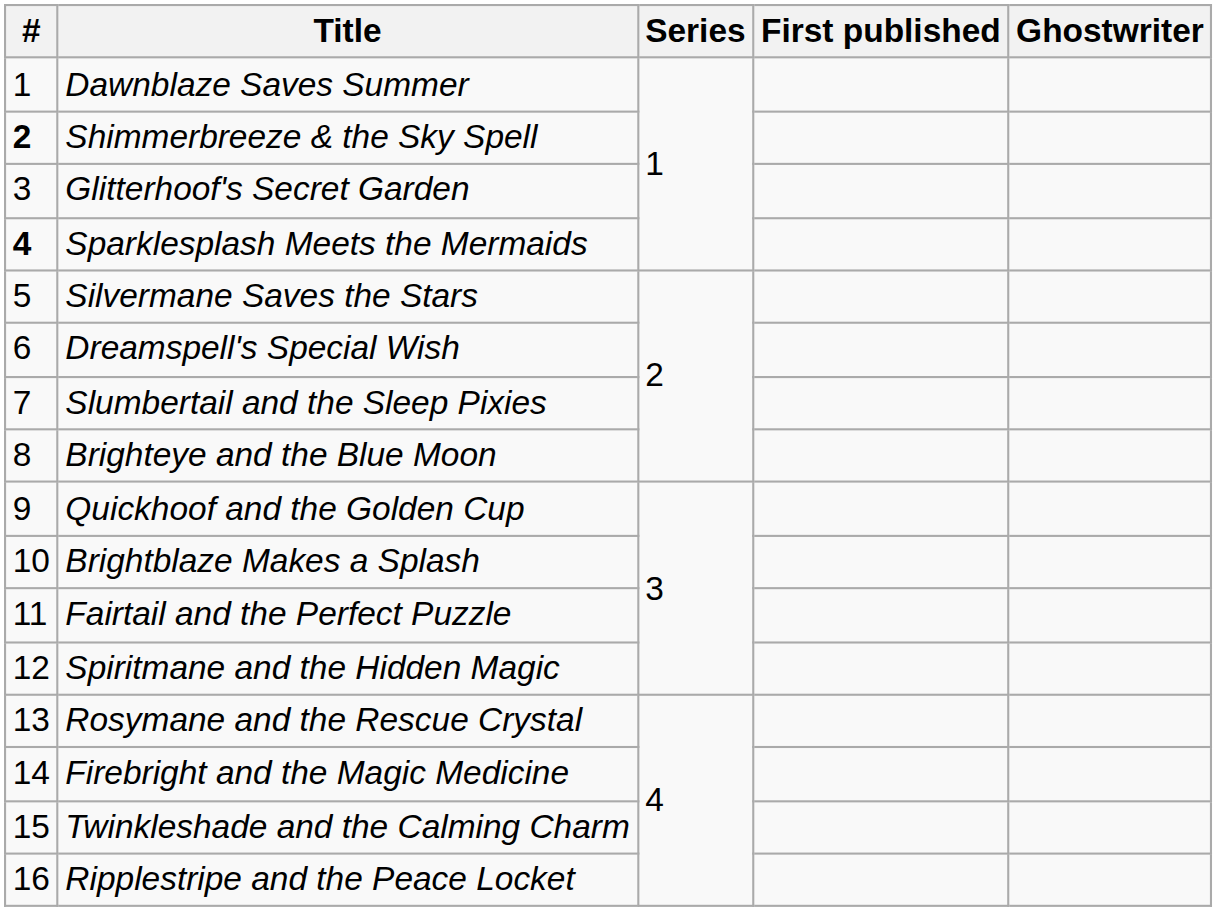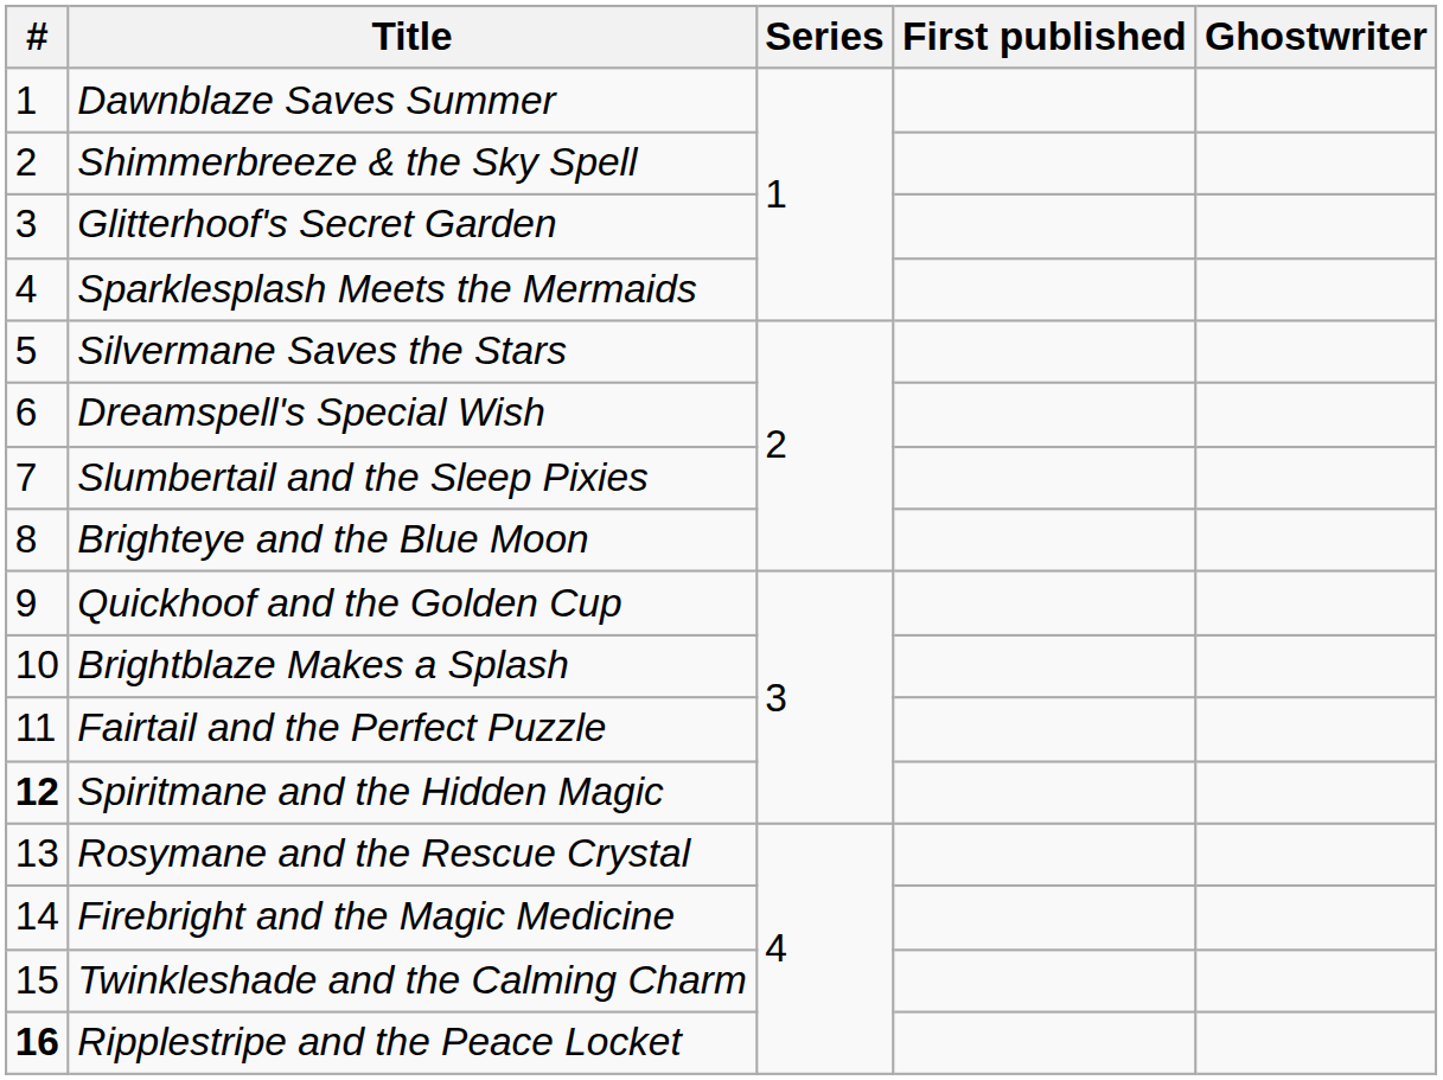 <table class="wikitable sortable nowraplinks">
 <tr>
 <th scope="col">#</th>
 <th scope="col">Title</th>
 <th scope="col">Series</th>
 <th scope="col">First published</th>
 <th scope="col">Ghostwriter</th>
 </tr>
 <tr>
 <td bgcolor=>1</td>
 <td><em>Dawnblaze Saves Summer</em></td>
 <td rowspan=4>1</td>
 <td></td>
 <td></td>
 </tr>
 <tr>
-<td bgcolor=><strong>2</strong></td>
+<td bgcolor=>2</td>
 <td><em>Shimmerbreeze & the Sky Spell</em></td>
 <td></td>
 <td></td>
 </tr>
 <tr>
 <td bgcolor=>3</td>
 <td><em>Glitterhoof's Secret Garden</em></td>
 <td></td>
 <td></td>
 </tr>
 <tr>
-<td bgcolor=><strong>4</strong></td>
+<td bgcolor=>4</td>
 <td><em>Sparklesplash Meets the Mermaids</em></td>
 <td></td>
 <td></td>
 </tr>
 <tr>
 <td bgcolor=>5</td>
 <td><em>Silvermane Saves the Stars</em></td>
 <td rowspan=4>2</td>
 <td></td>
 <td></td>
 </tr>
 <tr>
 <td bgcolor=>6</td>
 <td><em>Dreamspell's Special Wish</em></td>
 <td></td>
 <td></td>
 </tr>
 <tr>
 <td bgcolor=>7</td>
 <td><em>Slumbertail and the Sleep Pixies</em></td>
 <td></td>
 <td></td>
 </tr>
 <tr>
 <td bgcolor=>8</td>
 <td><em>Brighteye and the Blue Moon</em></td>
 <td></td>
 <td></td>
 </tr>
 <tr>
 <td bgcolor=>9</td>
 <td><em>Quickhoof and the Golden Cup</em></td>
 <td rowspan=4>3</td>
 <td></td>
 <td></td>
 </tr>
 <tr>
 <td bgcolor=>10</td>
 <td><em>Brightblaze Makes a Splash</em></td>
 <td></td>
 <td></td>
 </tr>
 <tr>
 <td bgcolor=>11</td>
 <td><em>Fairtail and the Perfect Puzzle</em></td>
 <td></td>
 <td></td>
 </tr>
 <tr>
-<td bgcolor=>12</td>
+<td bgcolor=><strong>12</strong></td>
 <td><em>Spiritmane and the Hidden Magic</em></td>
 <td></td>
 <td></td>
 </tr>
 <tr>
 <td bgcolor=>13</td>
 <td><em>Rosymane and the Rescue Crystal</em></td>
 <td rowspan=4>4</td>
 <td></td>
 <td></td>
 </tr>
 <tr>
 <td bgcolor=>14</td>
 <td><em>Firebright and the Magic Medicine</em></td>
 <td></td>
 <td></td>
 </tr>
 <tr>
 <td bgcolor=>15</td>
 <td><em>Twinkleshade and the Calming Charm</em></td>
 <td></td>
 <td></td>
 </tr>
 <tr>
-<td bgcolor=>16</td>
+<td bgcolor=><strong>16</strong></td>
 <td><em>Ripplestripe and the Peace Locket</em></td>
 <td></td>
 <td></td>
 </tr>
 </table>
